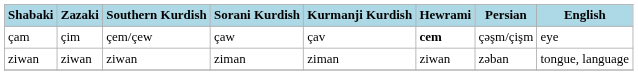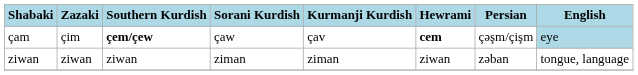 <table border="1" cellpadding="4" cellspacing="0" style="border:1px solid #aaa; border-collapse:collapse">
 <tr bgcolor="#ADD8E6">
 <th>Shabaki</th>
 <th>Zazaki</th>
 <th>Southern Kurdish</th>
 <th>Sorani Kurdish</th>
 <th>Kurmanji Kurdish</th>
 <th>Hewrami</th>
 <th>Persian</th>
 <th>English</th>
 </tr>
 <tr ->
 <td>çam</td>
 <td>çim</td>
-<td>çem/çew</td>
+<td><strong>çem/çew</strong></td>
 <td>çaw</td>
 <td>çav</td>
 <td><strong>cem</strong></td>
 <td>çəşm/çişm</td>
-<td>eye</td>
+<td style="background: lightblue;">eye</td>
 </tr>
 <tr ->
 <td>ziwan</td>
 <td>ziwan</td>
 <td>ziwan</td>
 <td>ziman</td>
 <td>ziman</td>
 <td>ziwan</td>
 <td>zəban</td>
 <td>tongue, language</td>
 </tr>
 <tr ->
 </tr>
 </table>
